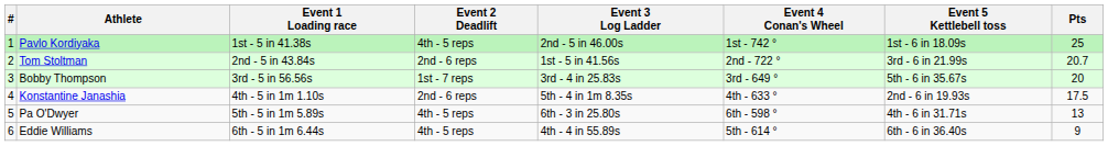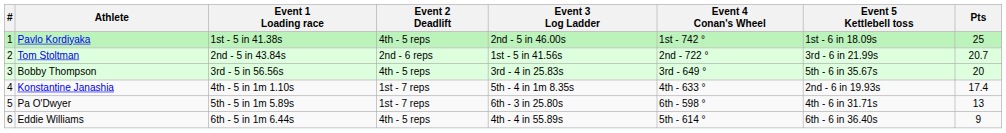 <table class="wikitable sortable" style="display: inline-table;width: 100%;">
 <tr>
 <th scope="col" style="width: 10px;">#</th>
 <th scope="col">Athlete</th>
 <th scope="col">Event 1<br>Loading race</th>
 <th scope="col">Event 2<br>Deadlift</th>
 <th scope="col">Event 3<br>Log Ladder</th>
 <th scope="col">Event 4<br>Conan's Wheel</th>
 <th scope="col">Event 5<br>Kettlebell toss</th>
 <th scope="col">Pts</th>
 </tr>
 <tr bgcolor=bbf3bb>
 <td align=center>1</td>
 <td> <a href='#'>Pavlo Kordiyaka</a></td>
 <td>1st - 5 in 41.38s</td>
 <td>4th - 5 reps</td>
 <td>2nd - 5 in 46.00s</td>
 <td>1st - 742 °</td>
 <td>1st - 6 in 18.09s</td>
 <td align=center>25</td>
 </tr>
 <tr bgcolor=ddffdd>
 <td align=center>2</td>
 <td> <a href='#'>Tom Stoltman</a></td>
 <td>2nd - 5 in 43.84s</td>
 <td>2nd - 6 reps</td>
 <td>1st - 5 in 41.56s</td>
 <td>2nd - 722 °</td>
 <td>3rd - 6 in 21.99s</td>
 <td align=center>20.7</td>
 </tr>
 <tr bgcolor=ddffdd>
 <td align=center>3</td>
 <td> Bobby Thompson</td>
 <td>3rd - 5 in 56.56s</td>
-<td>1st - 7 reps</td>
+<td>4th - 5 reps</td>
 <td>3rd - 4 in 25.83s</td>
 <td>3rd - 649 °</td>
 <td>5th - 6 in 35.67s</td>
 <td align=center>20</td>
 </tr>
 <tr>
 <td align=center>4</td>
 <td> <a href='#'>Konstantine Janashia</a></td>
 <td>4th - 5 in 1m 1.10s</td>
-<td>2nd - 6 reps</td>
+<td>1st - 7 reps</td>
 <td>5th - 4 in 1m 8.35s</td>
 <td>4th - 633 °</td>
 <td>2nd - 6 in 19.93s</td>
-<td align=center>17.5</td>
+<td align=center>17.4</td>
 </tr>
 <tr>
 <td align=center>5</td>
 <td> Pa O'Dwyer</td>
 <td>5th - 5 in 1m 5.89s</td>
-<td>4th - 5 reps</td>
+<td>1st - 7 reps</td>
 <td>6th - 3 in 25.80s</td>
 <td>6th - 598 °</td>
 <td>4th - 6 in 31.71s</td>
 <td align=center>13</td>
 </tr>
 <tr>
 <td align=center>6</td>
 <td> Eddie Williams</td>
 <td>6th - 5 in 1m 6.44s</td>
 <td>4th - 5 reps</td>
 <td>4th - 4 in 55.89s</td>
 <td>5th - 614 °</td>
 <td>6th - 6 in 36.40s</td>
 <td align=center>9</td>
 </tr>
 </table>
